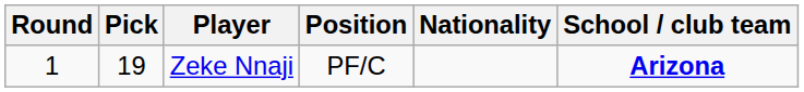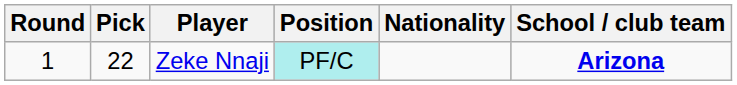 <table class="wikitable sortable sortable">
 <tr>
 <th>Round</th>
 <th>Pick</th>
 <th>Player</th>
 <th>Position</th>
 <th>Nationality</th>
 <th>School / club team</th>
 </tr>
 <tr style="text-align: center">
 <td>1</td>
-<td>19</td>
+<td>22</td>
 <td><a href='#'>Zeke Nnaji</a></td>
-<td>PF/C</td>
+<td style="background: paleturquoise;">PF/C</td>
 <td></td>
 <td><strong><a href='#'>Arizona</a></strong></td>
 </tr>
 </table>
